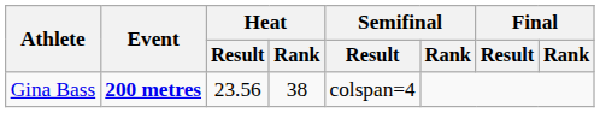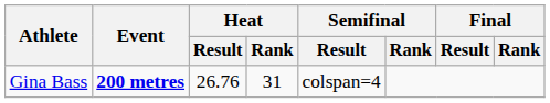 <table class="wikitable" style="font-size:90%">
 <tr>
 <th rowspan="2">Athlete</th>
 <th rowspan="2">Event</th>
 <th colspan="2">Heat</th>
 <th colspan="2">Semifinal</th>
 <th colspan="2">Final</th>
 </tr>
 <tr style="font-size:95%">
 <th>Result</th>
 <th>Rank</th>
 <th>Result</th>
 <th>Rank</th>
 <th>Result</th>
 <th>Rank</th>
 </tr>
 <tr style=text-align:center>
 <td style=text-align:left><a href='#'>Gina Bass</a></td>
 <td style=text-align:left><strong><a href='#'>200 metres</a></strong></td>
-<td>23.56</td>
-<td>38</td>
+<td>26.76</td>
+<td>31</td>
 <td>colspan=4 </td>
 </tr>
 </table>
